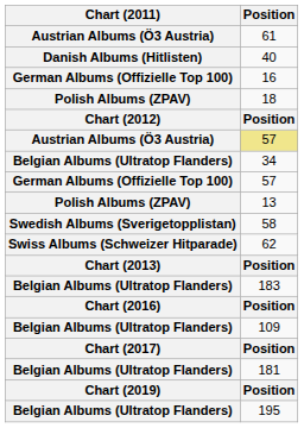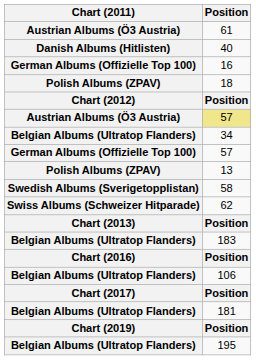 <table class="wikitable plainrowheaders" style="text-align:center">
 <tr>
 <th scope="col">Chart (2011)</th>
 <th scope="col">Position</th>
 </tr>
 <tr>
 <th scope="row">Austrian Albums (Ö3 Austria)</th>
 <td>61</td>
 </tr>
 <tr>
 <th scope="row">Danish Albums (Hitlisten)</th>
 <td>40</td>
 </tr>
 <tr>
 <th scope="row">German Albums (Offizielle Top 100)</th>
 <td>16</td>
 </tr>
 <tr>
 <th scope="row">Polish Albums (ZPAV)</th>
 <td>18</td>
 </tr>
 <tr>
 <th scope="col">Chart (2012)</th>
 <th scope="col">Position</th>
 </tr>
 <tr>
 <th scope="row">Austrian Albums (Ö3 Austria)</th>
 <td style="background: khaki;">57</td>
 </tr>
 <tr>
 <th scope="row">Belgian Albums (Ultratop Flanders)</th>
 <td>34</td>
 </tr>
 <tr>
 <th scope="row">German Albums (Offizielle Top 100)</th>
 <td>57</td>
 </tr>
 <tr>
 <th scope="row">Polish Albums (ZPAV)</th>
 <td>13</td>
 </tr>
 <tr>
 <th scope="row">Swedish Albums (Sverigetopplistan)</th>
 <td>58</td>
 </tr>
 <tr>
 <th scope="row">Swiss Albums (Schweizer Hitparade)</th>
 <td>62</td>
 </tr>
 <tr>
 <th scope="col">Chart (2013)</th>
 <th scope="col">Position</th>
 </tr>
 <tr>
 <th scope="row">Belgian Albums (Ultratop Flanders)</th>
 <td>183</td>
 </tr>
 <tr>
 <th scope="col">Chart (2016)</th>
 <th scope="col">Position</th>
 </tr>
 <tr>
 <th scope="row">Belgian Albums (Ultratop Flanders)</th>
-<td>109</td>
+<td>106</td>
 </tr>
 <tr>
 <th scope="col">Chart (2017)</th>
 <th scope="col">Position</th>
 </tr>
 <tr>
 <th scope="row">Belgian Albums (Ultratop Flanders)</th>
 <td>181</td>
 </tr>
 <tr>
 <th scope="col">Chart (2019)</th>
 <th scope="col">Position</th>
 </tr>
 <tr>
 <th scope="row">Belgian Albums (Ultratop Flanders)</th>
 <td>195</td>
 </tr>
 </table>
